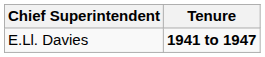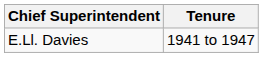 <table class="wikitable" border="1">
 <tr>
 <th>Chief Superintendent</th>
 <th>Tenure</th>
 </tr>
 <tr>
 <td>E.Ll. Davies</td>
-<td><strong>1941 to 1947</strong></td>
+<td>1941 to 1947</td>
 </tr>
 </table>
